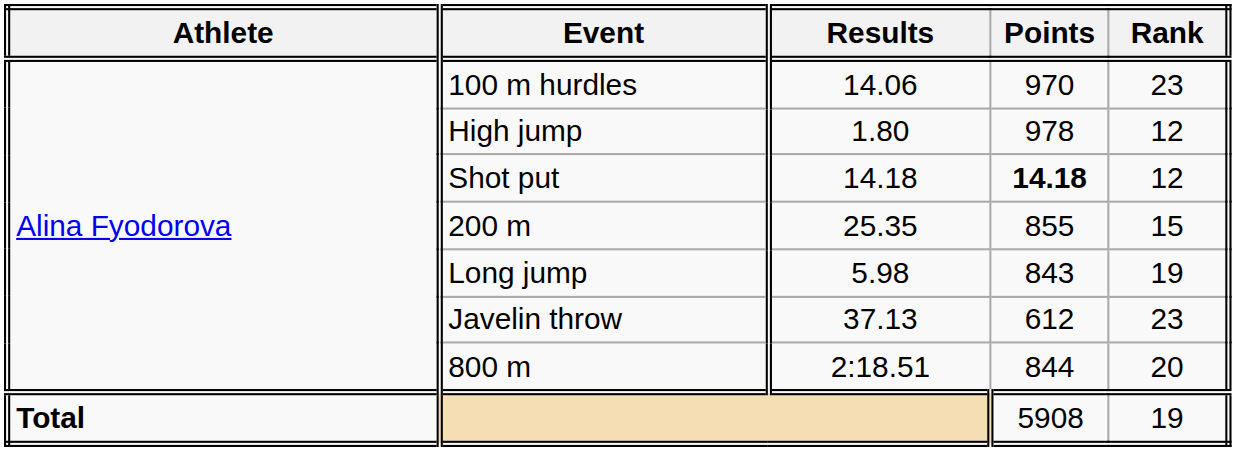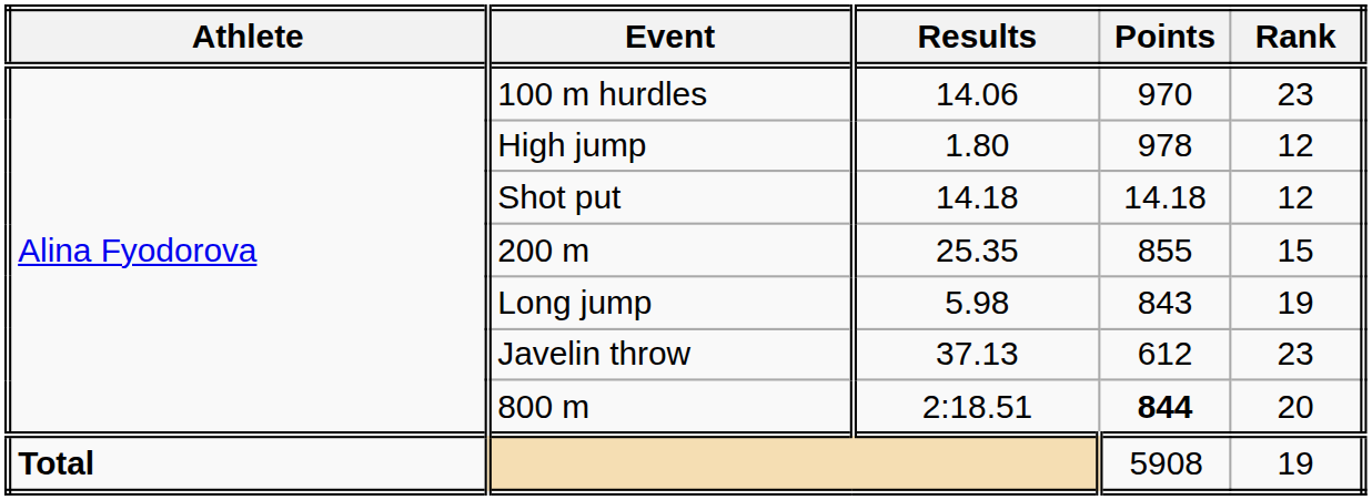 <table class=wikitable style="font-size:90%; border: double;">
 <tr>
 <th style="border-right:double" width=200>Athlete</th>
 <th style="border-right:double" width=150>Event</th>
 <th width=100>Results</th>
 <th width=50>Points</th>
 <th width=50>Rank</th>
 </tr>
 <tr style="border-top: double;">
 <td style="border-right:double" rowspan="7"><a href='#'>Alina Fyodorova</a></td>
 <td style="border-right:double">100 m hurdles</td>
 <td align=center>14.06 </td>
 <td align=center>970</td>
 <td align=center>23</td>
 </tr>
 <tr>
 <td style="border-right:double">High jump</td>
 <td align=center>1.80</td>
 <td align=center>978</td>
 <td align=center>12</td>
 </tr>
 <tr>
 <td style="border-right:double">Shot put</td>
 <td align=center>14.18</td>
-<td align=center><strong>14.18</strong></td>
+<td align=center>14.18</td>
 <td align=center>12</td>
 </tr>
 <tr>
 <td style="border-right:double">200 m</td>
 <td align=center>25.35 </td>
 <td align=center>855</td>
 <td align=center>15</td>
 </tr>
 <tr>
 <td style="border-right:double">Long jump</td>
 <td align=center>5.98 </td>
 <td align=center>843</td>
 <td align=center>19</td>
 </tr>
 <tr>
 <td style="border-right:double">Javelin throw</td>
 <td align=center>37.13 </td>
 <td align=center>612</td>
 <td align=center>23</td>
 </tr>
 <tr>
 <td style="border-right:double">800 m</td>
 <td align=center>2:18.51</td>
-<td align=center>844</td>
+<td align=center><strong>844</strong></td>
 <td align=center>20</td>
 </tr>
 <tr style="border-top:double;">
 <td style="border-right:double"><strong>Total</strong></td>
 <td colspan="2" style="background:wheat; border-right:double;"></td>
 <td align=center>5908</td>
 <td align=center>19</td>
 </tr>
 </table>
